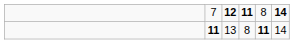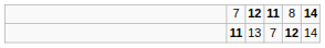 <table class="wikitable">
 <tr>
 <td style="width:18em"><strong></strong></td>
 <td align=center style="width:1em">7</td>
 <td align=center style="width:1em"><strong>12</strong></td>
 <td align=center style="width:1em"><strong>11</strong></td>
 <td align=center style="width:1em">8</td>
 <td align=center style="width:1em"><strong>14</strong></td>
 </tr>
 <tr>
 <td style="width:18em"></td>
 <td align=center style="width:1em"><strong>11</strong></td>
 <td align=center style="width:1em">13</td>
-<td align=center style="width:1em">8</td>
-<td align=center style="width:1em"><strong>11</strong></td>
+<td align=center style="width:1em">7</td>
+<td align=center style="width:1em"><strong>12</strong></td>
 <td align=center style="width:1em">14</td>
 </tr>
 </table>
